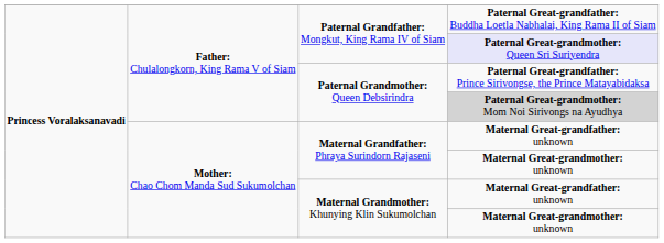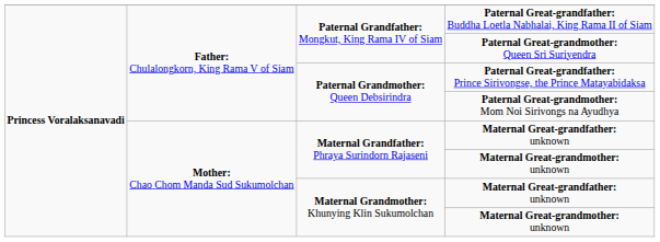 <table class="wikitable">
 <tr>
 </tr>
 <tr>
 <td rowspan="8" align="center"><strong>Princess Voralaksanavadi</strong></td>
 <td rowspan="4" align="center"><strong>Father:</strong><br><a href='#'>Chulalongkorn, King Rama V of Siam</a></td>
 <td rowspan="2" align="center"><strong>Paternal Grandfather:</strong><br><a href='#'>Mongkut, King Rama IV of Siam</a></td>
 <td align = "center"><strong>Paternal Great-grandfather:</strong><br><a href='#'>Buddha Loetla Nabhalai, King Rama II of Siam</a></td>
 </tr>
 <tr>
-<td align = "center" style="background: lavender;"><strong>Paternal Great-grandmother:</strong><br><a href='#'>Queen Sri Suriyendra</a></td>
+<td align = "center"><strong>Paternal Great-grandmother:</strong><br><a href='#'>Queen Sri Suriyendra</a></td>
 </tr>
 <tr>
 <td rowspan="2" align="center"><strong>Paternal Grandmother:</strong><br><a href='#'>Queen Debsirindra</a></td>
 <td align = "center"><strong>Paternal Great-grandfather:</strong><br><a href='#'>Prince Sirivongse, the Prince Matayabidaksa</a></td>
 </tr>
 <tr>
-<td align = "center" style="background: lightgrey;"><strong>Paternal Great-grandmother:</strong><br>Mom Noi Sirivongs na Ayudhya</td>
+<td align = "center"><strong>Paternal Great-grandmother:</strong><br>Mom Noi Sirivongs na Ayudhya</td>
 </tr>
 <tr>
 <td rowspan="4" align="center"><strong>Mother:</strong><br><a href='#'>Chao Chom Manda Sud Sukumolchan</a></td>
 <td rowspan="2" align="center"><strong>Maternal Grandfather:</strong><br><a href='#'>Phraya Surindorn Rajaseni</a></td>
 <td align = "center"><strong>Maternal Great-grandfather:</strong><br>unknown</td>
 </tr>
 <tr>
 <td align = "center"><strong>Maternal Great-grandmother:</strong><br>unknown</td>
 </tr>
 <tr>
 <td rowspan="2" align="center"><strong>Maternal Grandmother:</strong><br>Khunying Klin Sukumolchan</td>
 <td align = "center"><strong>Maternal Great-grandfather:</strong><br>unknown</td>
 </tr>
 <tr>
 <td align = "center"><strong>Maternal Great-grandmother:</strong><br>unknown</td>
 </tr>
 </table>
